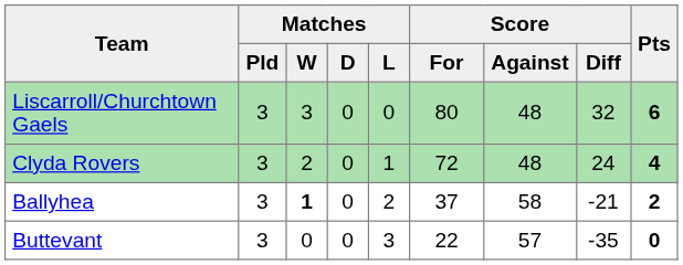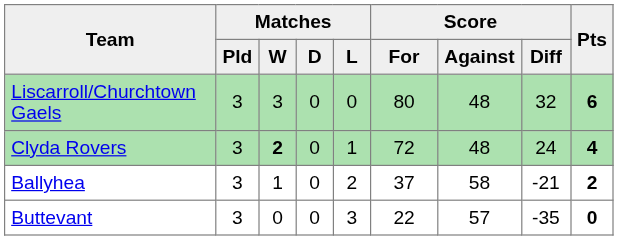 <table style=border-collapse:collapse border=1 cellspacing=0 cellpadding=5>
 <tr align=center bgcolor=#efefef>
 <th rowspan=2 width=165>Team</th>
 <th colspan=4>Matches</th>
 <th colspan=3>Score</th>
 <th rowspan=2width=20>Pts</th>
 </tr>
 <tr align=center bgcolor=#efefef>
 <th width=20>Pld</th>
 <th width=20>W</th>
 <th width=20>D</th>
 <th width=20>L</th>
 <th width=45>For</th>
 <th width=45>Against</th>
 <th width=30>Diff</th>
 </tr>
 <tr align=center style="background:#ACE1AF;">
 <td style="text-align:left;"><a href='#'>Liscarroll/Churchtown Gaels</a></td>
 <td>3</td>
 <td>3</td>
 <td>0</td>
 <td>0</td>
 <td>80</td>
 <td>48</td>
 <td>32</td>
 <td><strong>6</strong></td>
 </tr>
 <tr align=center style="background:#ACE1AF;">
 <td style="text-align:left;"><a href='#'>Clyda Rovers</a></td>
 <td>3</td>
-<td>2</td>
+<td><strong>2</strong></td>
 <td>0</td>
 <td>1</td>
 <td>72</td>
 <td>48</td>
 <td>24</td>
 <td><strong>4</strong></td>
 </tr>
 <tr align=center>
 <td style="text-align:left;"><a href='#'>Ballyhea</a></td>
 <td>3</td>
-<td><strong>1</strong></td>
+<td>1</td>
 <td>0</td>
 <td>2</td>
 <td>37</td>
 <td>58</td>
 <td>-21</td>
 <td><strong>2</strong></td>
 </tr>
 <tr align=center>
 <td style="text-align:left;"><a href='#'>Buttevant</a></td>
 <td>3</td>
 <td>0</td>
 <td>0</td>
 <td>3</td>
 <td>22</td>
 <td>57</td>
 <td>-35</td>
 <td><strong>0</strong></td>
 </tr>
 </table>
